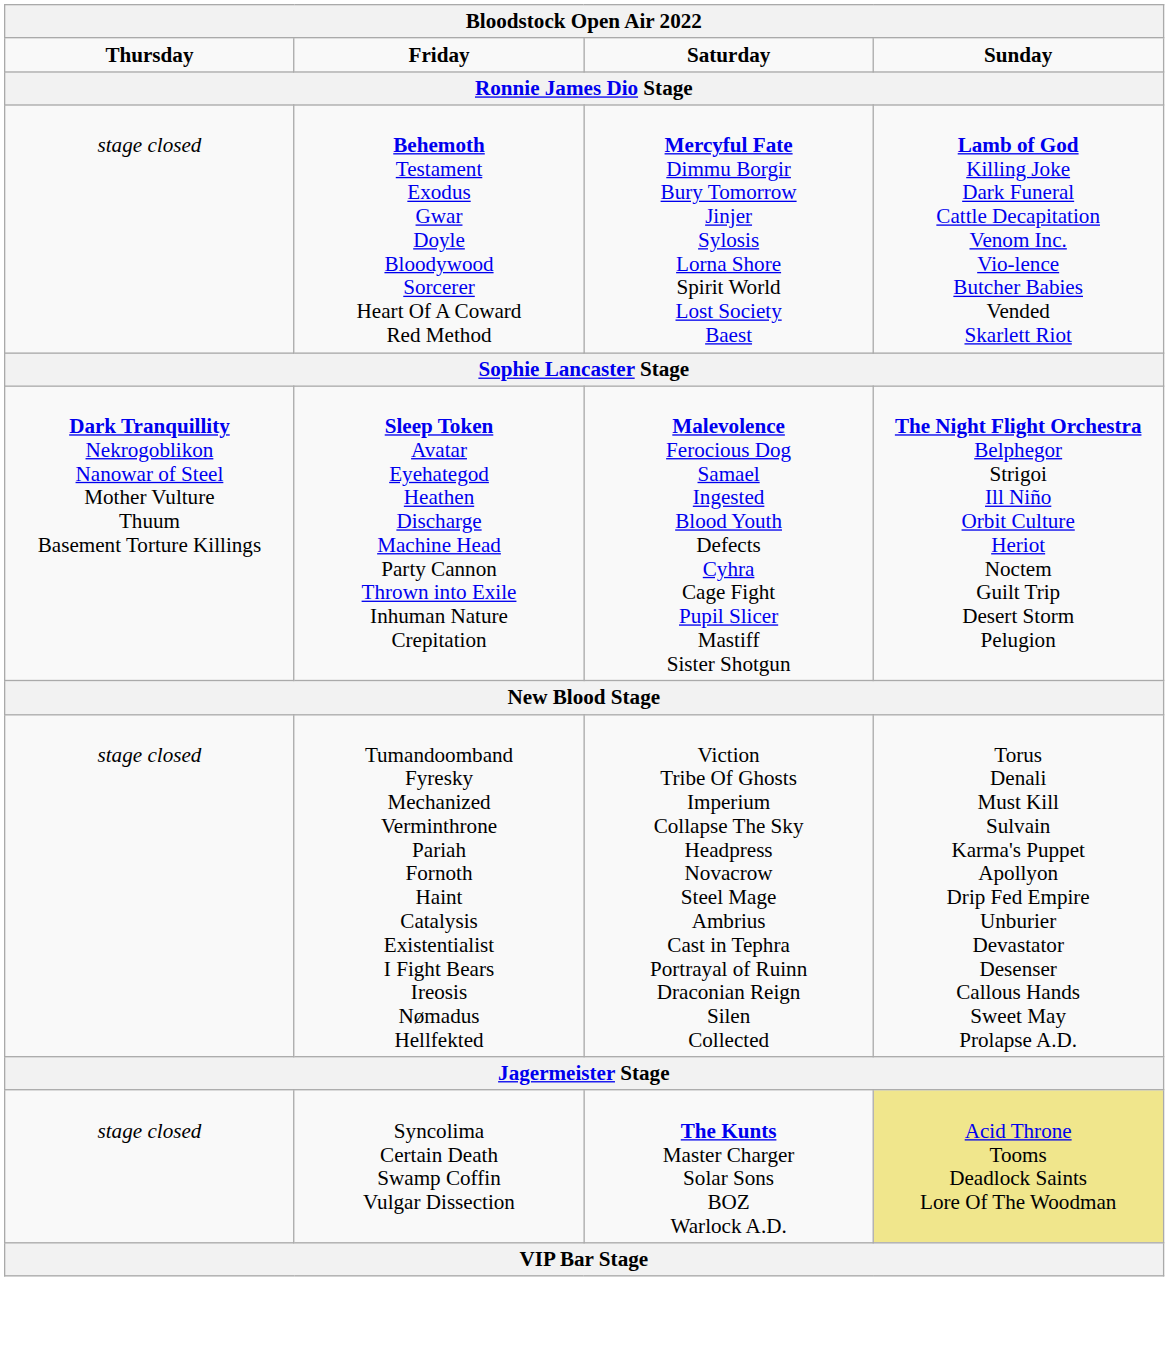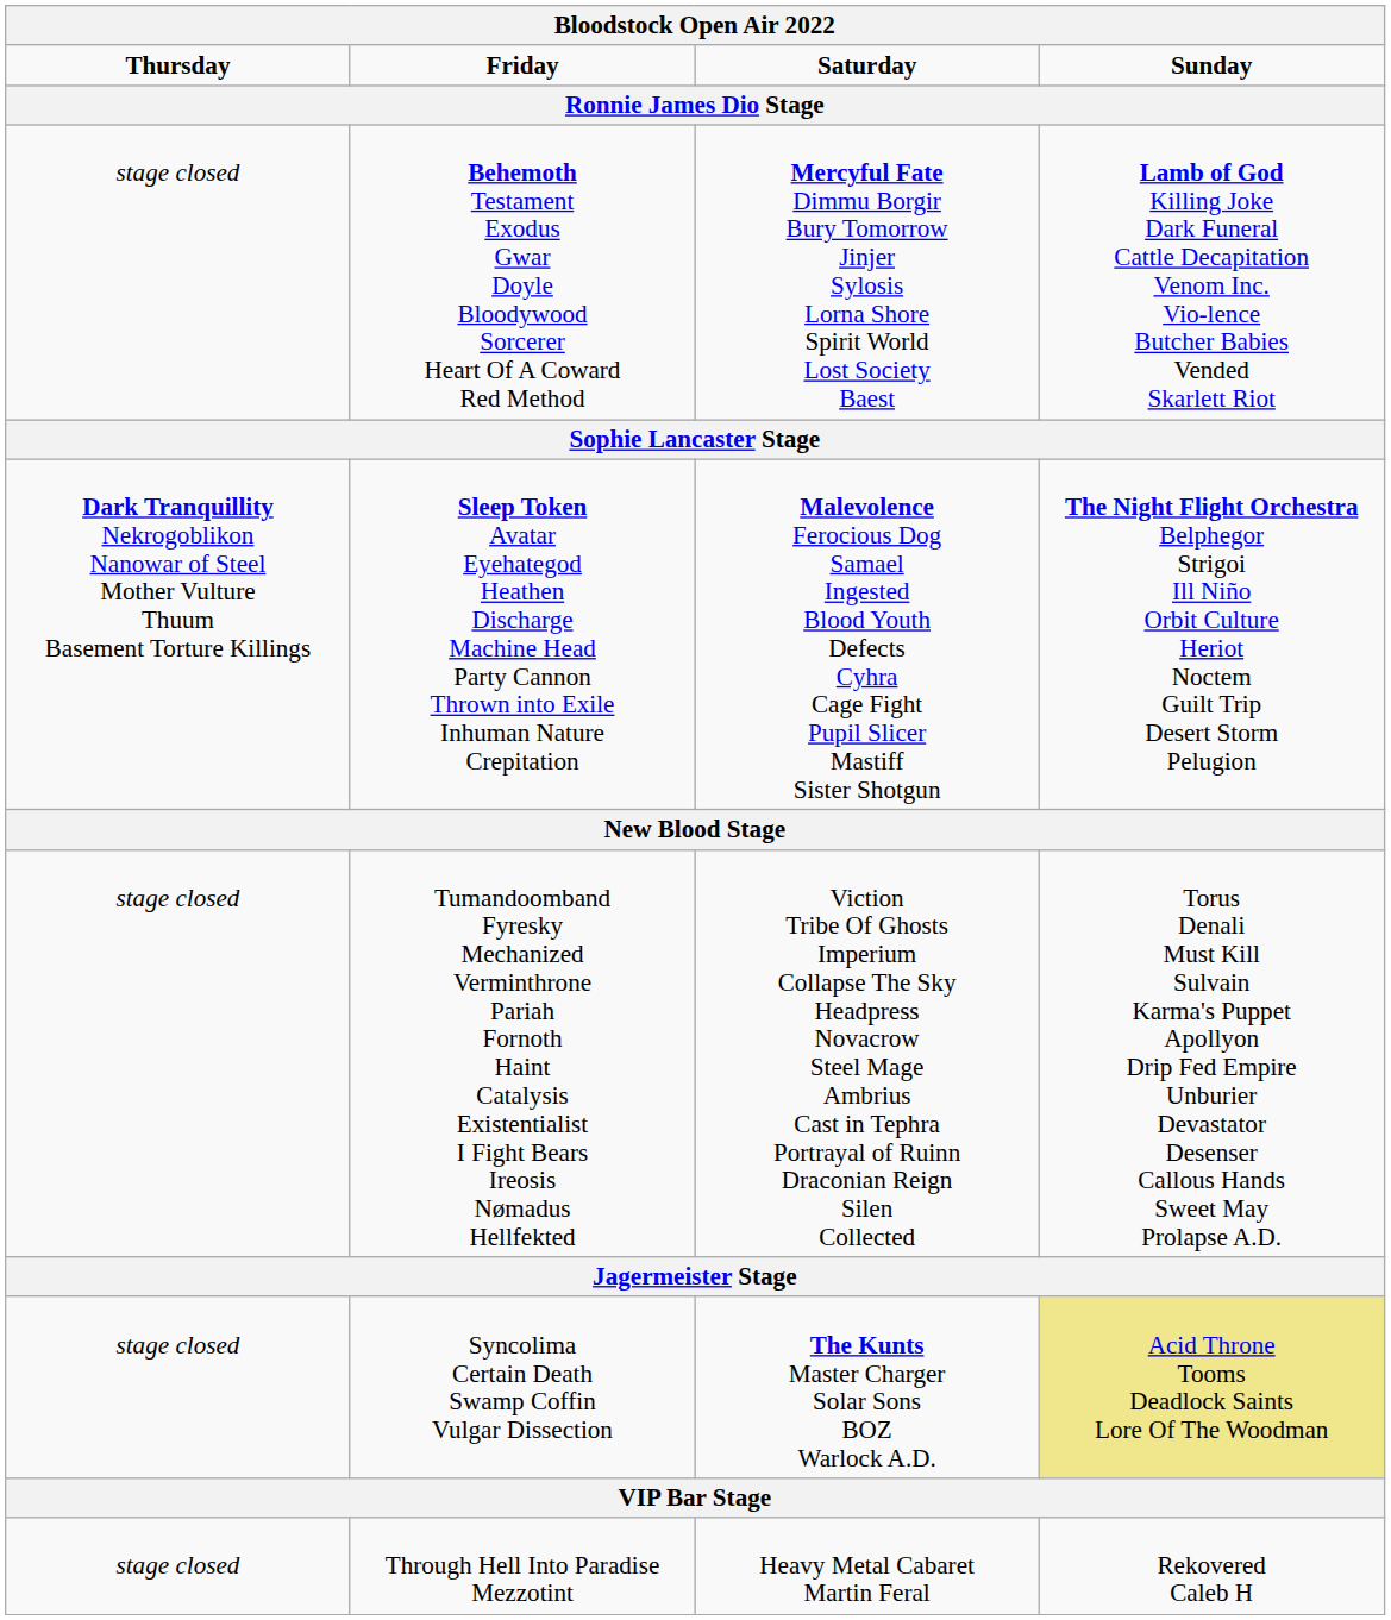 <table class="wikitable">
 <tr>
 <th colspan="4" align="center"><strong>Bloodstock Open Air 2022</strong></th>
 </tr>
 <tr>
 <td align="center"><strong>Thursday</strong></td>
 <td align="center"><strong>Friday</strong></td>
 <td align="center"><strong>Saturday</strong></td>
 <td align="center"><strong>Sunday</strong></td>
 </tr>
 <tr>
 <th colspan="4" align="center"><strong><a href='#'>Ronnie James Dio</a> Stage</strong></th>
 </tr>
 <tr>
 <td valign="top" align="center" width=212><br><em>stage closed</em></td>
 <td valign="top" align="center" width=212><br><strong><a href='#'>Behemoth</a></strong><br> <a href='#'>Testament</a><br> <a href='#'>Exodus</a><br> <a href='#'>Gwar</a><br> <a href='#'>Doyle</a><br> <a href='#'>Bloodywood</a><br> <a href='#'>Sorcerer</a><br> Heart Of A Coward<br> Red Method<br></td>
 <td valign="top" align="center" width=212><br><strong><a href='#'>Mercyful Fate</a></strong><br> <a href='#'>Dimmu Borgir</a><br> <a href='#'>Bury Tomorrow</a><br> <a href='#'>Jinjer</a><br> <a href='#'>Sylosis</a><br> <a href='#'>Lorna Shore</a><br> Spirit World<br> <a href='#'>Lost Society</a><br> <a href='#'>Baest</a><br></td>
 <td valign="top" align="center" width=212><br><strong><a href='#'>Lamb of God</a></strong><br> <a href='#'>Killing Joke</a><br> <a href='#'>Dark Funeral</a><br> <a href='#'>Cattle Decapitation</a><br> <a href='#'>Venom Inc.</a><br> <a href='#'>Vio-lence</a><br> <a href='#'>Butcher Babies</a><br> Vended<br> <a href='#'>Skarlett Riot</a><br></td>
 </tr>
 <tr>
 <th colspan="4" align="center"><strong><a href='#'>Sophie Lancaster</a> Stage</strong></th>
 </tr>
 <tr>
 <td align="center" valign="top" width="212"><br><strong><a href='#'>Dark Tranquillity</a></strong><br> <a href='#'>Nekrogoblikon</a><br> <a href='#'>Nanowar of Steel</a><br> Mother Vulture<br> Thuum<br> Basement Torture Killings<br></td>
 <td align="center" valign="top" width="212"><br><strong><a href='#'>Sleep Token</a></strong><br> <a href='#'>Avatar</a><br> <a href='#'>Eyehategod</a><br> <a href='#'>Heathen</a><br> <a href='#'>Discharge</a><br> <a href='#'>Machine Head</a><br> Party Cannon<br> <a href='#'>Thrown into Exile</a><br> Inhuman Nature<br> Crepitation<br></td>
 <td align="center" valign="top" width="212"><br><strong><a href='#'>Malevolence</a></strong><br> <a href='#'>Ferocious Dog</a><br> <a href='#'>Samael</a><br>  <a href='#'>Ingested</a><br> <a href='#'>Blood Youth</a><br> Defects<br> <a href='#'>Cyhra</a><br> Cage Fight<br> <a href='#'>Pupil Slicer</a><br>  Mastiff<br> Sister Shotgun<br></td>
 <td align="center" valign="top" width="212"><br><strong><a href='#'>The Night Flight Orchestra</a></strong><br> <a href='#'>Belphegor</a><br> Strigoi<br> <a href='#'>Ill Niño</a><br> <a href='#'>Orbit Culture</a><br> <a href='#'>Heriot</a><br> Noctem<br> Guilt Trip<br> Desert Storm<br> Pelugion<br></td>
 </tr>
 <tr>
 <th colspan="4" align="center"><strong>New Blood Stage</strong></th>
 </tr>
 <tr>
 <td align="center" valign="top" width="212"><br><em>stage closed</em></td>
 <td align="center" valign="top" width="212"><br>Tumandoomband <br> Fyresky <br> Mechanized <br> Verminthrone <br> Pariah <br> Fornoth <br> Haint <br> Catalysis <br> Existentialist <br> I Fight Bears <br> Ireosis <br> Nømadus <br> Hellfekted<br></td>
 <td align="center" valign="top" width="212"><br>Viction <br> Tribe Of Ghosts <br> Imperium <br> Collapse The Sky <br>  Headpress <br>  Novacrow <br> Steel Mage <br> Ambrius <br> Cast in Tephra <br> Portrayal of Ruinn <br> Draconian Reign <br> Silen <br> Collected <br></td>
 <td align="center" valign="top" width="212"><br>Torus <br> Denali <br> Must Kill <br> Sulvain <br> Karma's Puppet <br> Apollyon <br> Drip Fed Empire <br> Unburier <br> Devastator <br> Desenser <br> Callous Hands <br> Sweet May <br> Prolapse A.D. <br></td>
 </tr>
 <tr>
 <th colspan="4" align="center"><strong><a href='#'>Jagermeister</a> Stage</strong></th>
 </tr>
 <tr>
 <td align="center" valign="top" width="212"><br><em>stage closed</em></td>
 <td align="center" valign="top" width="212"><br>Syncolima <br> Certain Death <br> Swamp Coffin <br> Vulgar Dissection <br></td>
 <td align="center" valign="top" width="212"><br><strong><a href='#'>The Kunts</a></strong> <br> Master Charger <br> Solar Sons <br> BOZ <br> Warlock A.D. <br></td>
 <td align="center" valign="top" width="212" style="background: khaki;"><br><a href='#'>Acid Throne</a> <br> Tooms <br> Deadlock Saints <br> Lore Of The Woodman <br></td>
 </tr>
 <tr>
 <th colspan="4" align="center"><strong>VIP Bar Stage</strong></th>
 </tr>
+<tr>
+<td align="center" valign="top" width="212"><br><em>stage closed</em></td>
+<td align="center" valign="top" width="212"><br>Through Hell Into Paradise <br> Mezzotint</td>
+<td align="center" valign="top" width="212"><br>Heavy Metal Cabaret <br> Martin Feral</td>
+<td align="center" valign="top" width="212"><br>Rekovered <br> Caleb H</td>
+</tr>
 </table>
